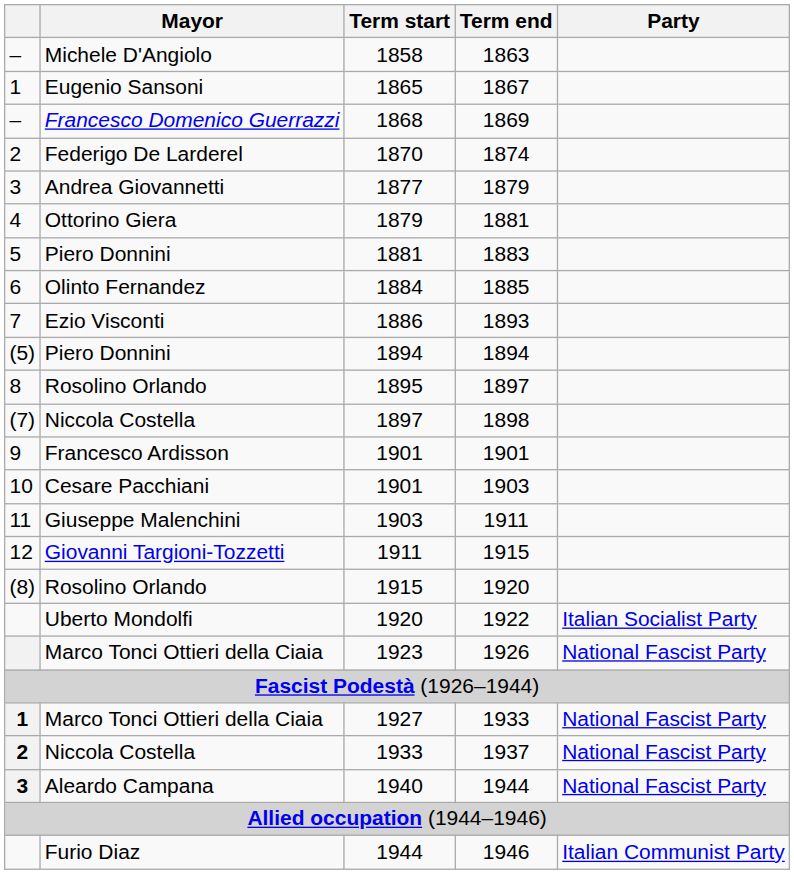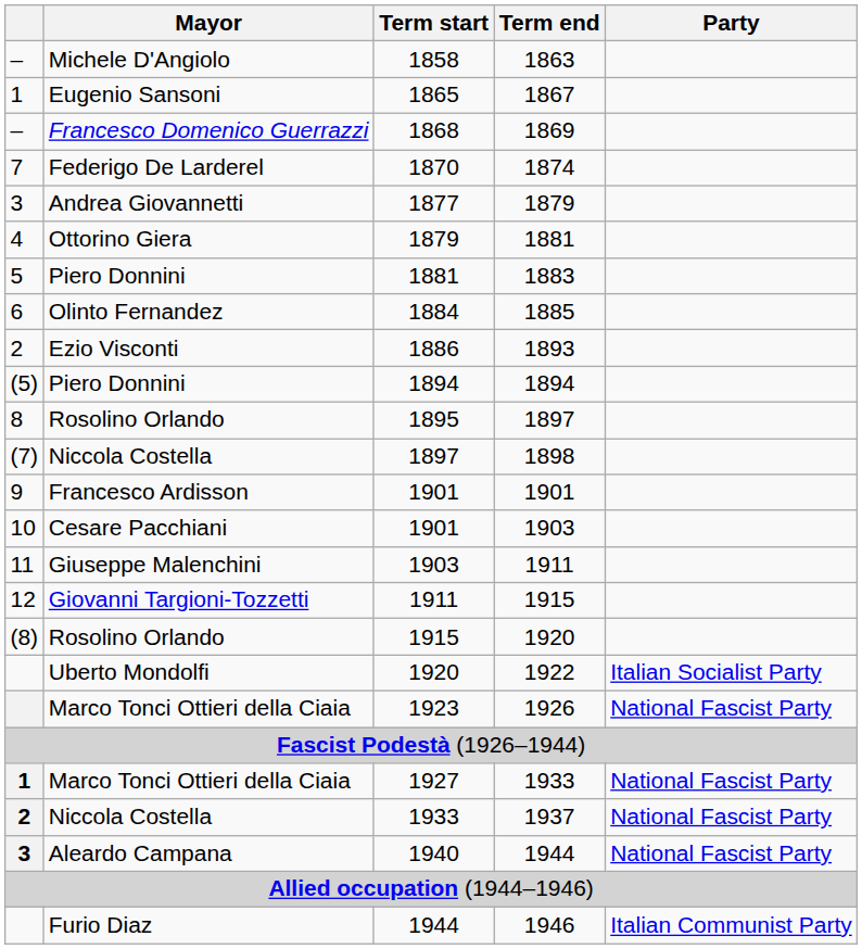 <table class="wikitable">
 <tr>
 <th class=unsortable> </th>
 <th>Mayor</th>
 <th>Term start</th>
 <th>Term end</th>
 <th>Party</th>
 </tr>
 <tr>
 <td bgcolor=>–</td>
 <td>Michele D'Angiolo</td>
 <td align=center>1858</td>
 <td align=center>1863</td>
 <td></td>
 </tr>
 <tr>
 <td bgcolor=>1</td>
 <td>Eugenio Sansoni</td>
 <td align=center>1865</td>
 <td align=center>1867</td>
 <td></td>
 </tr>
 <tr>
 <td bgcolor=>–</td>
 <td><em><a href='#'>Francesco Domenico Guerrazzi</a></em></td>
 <td align=center>1868</td>
 <td align=center>1869</td>
 <td></td>
 </tr>
 <tr>
-<td bgcolor=>2</td>
+<td bgcolor=>7</td>
 <td>Federigo De Larderel</td>
 <td align=center>1870</td>
 <td align=center>1874</td>
 <td></td>
 </tr>
 <tr>
 <td bgcolor=>3</td>
 <td>Andrea Giovannetti</td>
 <td align=center>1877</td>
 <td align=center>1879</td>
 <td></td>
 </tr>
 <tr>
 <td bgcolor=>4</td>
 <td>Ottorino Giera</td>
 <td align=center>1879</td>
 <td align=center>1881</td>
 <td></td>
 </tr>
 <tr>
 <td bgcolor=>5</td>
 <td>Piero Donnini</td>
 <td align=center>1881</td>
 <td align=center>1883</td>
 <td></td>
 </tr>
 <tr>
 <td bgcolor=>6</td>
 <td>Olinto Fernandez</td>
 <td align=center>1884</td>
 <td align=center>1885</td>
 <td></td>
 </tr>
 <tr>
-<td bgcolor=>7</td>
+<td bgcolor=>2</td>
 <td>Ezio Visconti</td>
 <td align=center>1886</td>
 <td align=center>1893</td>
 <td></td>
 </tr>
 <tr>
 <td bgcolor=>(5)</td>
 <td>Piero Donnini</td>
 <td align=center>1894</td>
 <td align=center>1894</td>
 <td></td>
 </tr>
 <tr>
 <td bgcolor=>8</td>
 <td>Rosolino Orlando</td>
 <td align=center>1895</td>
 <td align=center>1897</td>
 <td></td>
 </tr>
 <tr>
 <td bgcolor=>(7)</td>
 <td>Niccola Costella</td>
 <td align=center>1897</td>
 <td align=center>1898</td>
 <td></td>
 </tr>
 <tr>
 <td bgcolor=>9</td>
 <td>Francesco Ardisson</td>
 <td align=center>1901</td>
 <td align=center>1901</td>
 <td></td>
 </tr>
 <tr>
 <td bgcolor=>10</td>
 <td>Cesare Pacchiani</td>
 <td align=center>1901</td>
 <td align=center>1903</td>
 <td></td>
 </tr>
 <tr>
 <td bgcolor=>11</td>
 <td>Giuseppe Malenchini</td>
 <td align=center>1903</td>
 <td align=center>1911</td>
 <td></td>
 </tr>
 <tr>
 <td bgcolor=>12</td>
 <td><a href='#'>Giovanni Targioni-Tozzetti</a></td>
 <td align=center>1911</td>
 <td align=center>1915</td>
 <td></td>
 </tr>
 <tr>
 <td bgcolor=>(8)</td>
 <td>Rosolino Orlando</td>
 <td align=center>1915</td>
 <td align=center>1920</td>
 <td></td>
 </tr>
 <tr>
 <td bgcolor=></td>
 <td>Uberto Mondolfi</td>
 <td align=center>1920</td>
 <td align=center>1922</td>
 <td><a href='#'>Italian Socialist Party</a></td>
 </tr>
 <tr>
 <th rowspan=1 style="background:"></th>
 <td>Marco Tonci Ottieri della Ciaia</td>
 <td align=center>1923</td>
 <td align=center>1926</td>
 <td><a href='#'>National Fascist Party</a></td>
 </tr>
 <tr>
 <td colspan="8" bgcolor="lightgrey" align=center><strong><a href='#'>Fascist Podestà</a></strong> (1926–1944)</td>
 </tr>
 <tr>
 <th rowspan=1 style="background:">1</th>
 <td>Marco Tonci Ottieri della Ciaia</td>
 <td align=center>1927</td>
 <td align=center>1933</td>
 <td><a href='#'>National Fascist Party</a></td>
 </tr>
 <tr>
 <th rowspan=1 style="background:">2</th>
 <td>Niccola Costella</td>
 <td align=center>1933</td>
 <td align=center>1937</td>
 <td><a href='#'>National Fascist Party</a></td>
 </tr>
 <tr>
 <th rowspan=1 style="background:">3</th>
 <td>Aleardo Campana</td>
 <td align=center>1940</td>
 <td align=center>1944</td>
 <td><a href='#'>National Fascist Party</a></td>
 </tr>
 <tr>
 <td colspan="8" bgcolor="lightgrey" align=center><strong><a href='#'>Allied occupation</a></strong> (1944–1946)</td>
 </tr>
 <tr>
 <td bgcolor=></td>
 <td>Furio Diaz</td>
 <td align=center>1944</td>
 <td align=center>1946</td>
 <td><a href='#'>Italian Communist Party</a></td>
 </tr>
 </table>
